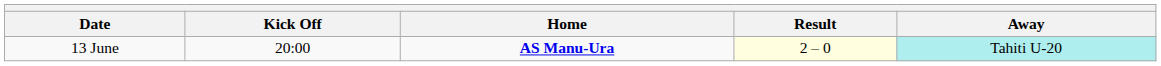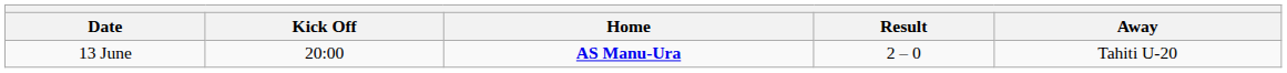 <table class="wikitable collapsible collapsed" style="font-size: 100%; margin:0px;" width="75%">
 <tr>
 <th colspan="7" style="text-align:left;"></th>
 </tr>
 <tr>
 <th><strong>Date</strong></th>
 <th><strong>Kick Off</strong></th>
 <th><strong>Home</strong></th>
 <th><strong>Result</strong></th>
 <th><strong>Away</strong></th>
 </tr>
 <tr>
 <td align=center>13 June</td>
 <td align=center>20:00</td>
 <td align=center><strong><a href='#'>AS Manu-Ura</a></strong></td>
-<td align=center style="background: lightyellow;">2 – 0</td>
-<td align=center style="background: paleturquoise;">Tahiti U-20</td>
+<td align=center>2 – 0</td>
+<td align=center>Tahiti U-20</td>
 </tr>
 </table>
